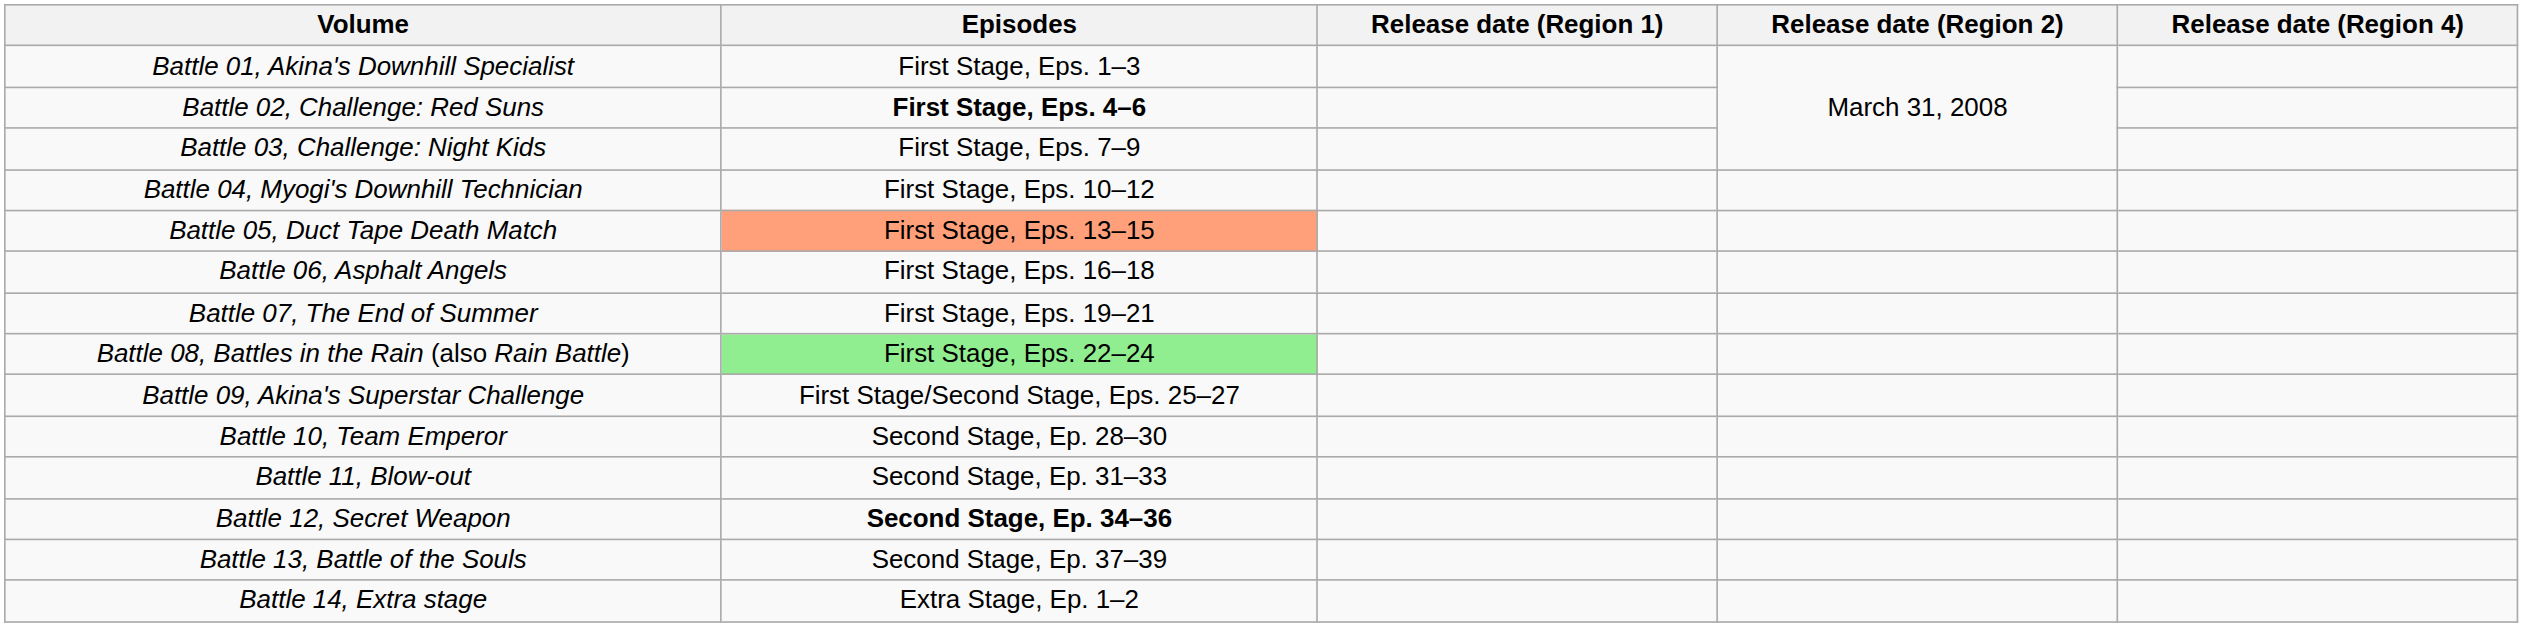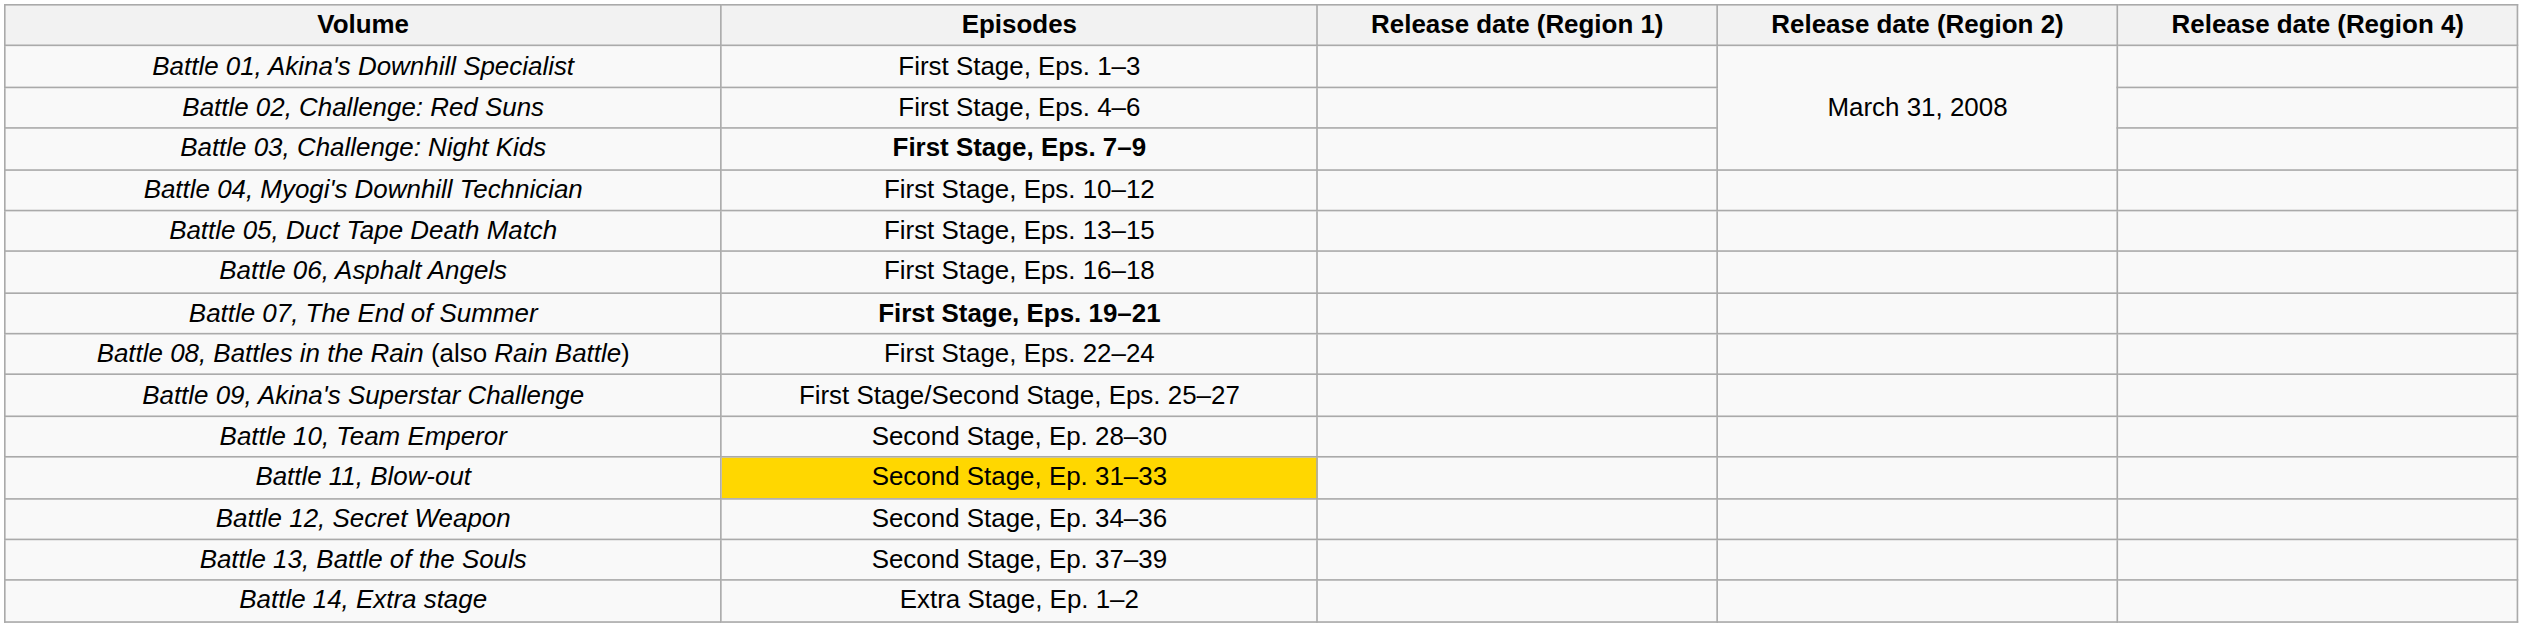 <table class="wikitable" style="text-align: center; width: 98%;">
 <tr>
 <th>Volume</th>
 <th>Episodes</th>
 <th>Release date (Region 1)</th>
 <th>Release date (Region 2)</th>
 <th>Release date (Region 4)</th>
 </tr>
 <tr>
 <td><em>Battle 01, Akina's Downhill Specialist</em></td>
 <td>First Stage, Eps. 1–3</td>
 <td></td>
 <td rowspan="3">March 31, 2008</td>
 <td></td>
 </tr>
 <tr>
 <td><em> Battle 02, Challenge: Red Suns</em></td>
-<td><strong>First Stage, Eps. 4–6</strong></td>
+<td>First Stage, Eps. 4–6</td>
 <td></td>
 <td></td>
 </tr>
 <tr>
 <td><em>Battle 03, Challenge: Night Kids</em></td>
-<td>First Stage, Eps. 7–9</td>
+<td><strong>First Stage, Eps. 7–9</strong></td>
 <td></td>
 <td></td>
 </tr>
 <tr>
 <td><em>Battle 04, Myogi's Downhill Technician</em></td>
 <td>First Stage, Eps. 10–12</td>
 <td></td>
 <td></td>
 <td></td>
 </tr>
 <tr>
 <td><em>Battle 05, Duct Tape Death Match</em></td>
-<td style="background: lightsalmon;">First Stage, Eps. 13–15</td>
+<td>First Stage, Eps. 13–15</td>
 <td></td>
 <td></td>
 <td></td>
 </tr>
 <tr>
 <td><em>Battle 06, Asphalt Angels</em></td>
 <td>First Stage, Eps. 16–18</td>
 <td></td>
 <td></td>
 <td></td>
 </tr>
 <tr>
 <td><em>Battle 07, The End of Summer</em></td>
-<td>First Stage, Eps. 19–21</td>
+<td><strong>First Stage, Eps. 19–21</strong></td>
 <td></td>
 <td></td>
 </tr>
 <tr>
 <td><em>Battle 08, Battles in the Rain</em> (also <em>Rain Battle</em>)</td>
-<td style="background: lightgreen;">First Stage, Eps. 22–24</td>
+<td>First Stage, Eps. 22–24</td>
 <td></td>
 <td></td>
 <td></td>
 </tr>
 <tr>
 <td><em> Battle 09, Akina's Superstar Challenge</em></td>
 <td>First Stage/Second Stage, Eps. 25–27</td>
 <td></td>
 <td></td>
 <td></td>
 </tr>
 <tr>
 <td><em>Battle 10, Team Emperor</em></td>
 <td>Second Stage, Ep. 28–30</td>
 <td></td>
 <td></td>
 <td></td>
 </tr>
 <tr>
 <td><em>Battle 11, Blow-out</em></td>
-<td>Second Stage, Ep. 31–33</td>
+<td style="background: gold;">Second Stage, Ep. 31–33</td>
 <td></td>
 <td></td>
 <td></td>
 </tr>
 <tr>
 <td><em>Battle 12, Secret Weapon</em></td>
-<td><strong>Second Stage, Ep. 34–36</strong></td>
+<td>Second Stage, Ep. 34–36</td>
 <td></td>
 <td></td>
 </tr>
 <tr>
 <td><em>Battle 13, Battle of the Souls</em></td>
 <td>Second Stage, Ep. 37–39</td>
 <td></td>
 <td></td>
 <td></td>
 </tr>
 <tr>
 <td><em>Battle 14, Extra stage</em></td>
 <td>Extra Stage, Ep. 1–2</td>
 <td></td>
 <td></td>
 <td></td>
 </tr>
 </table>
